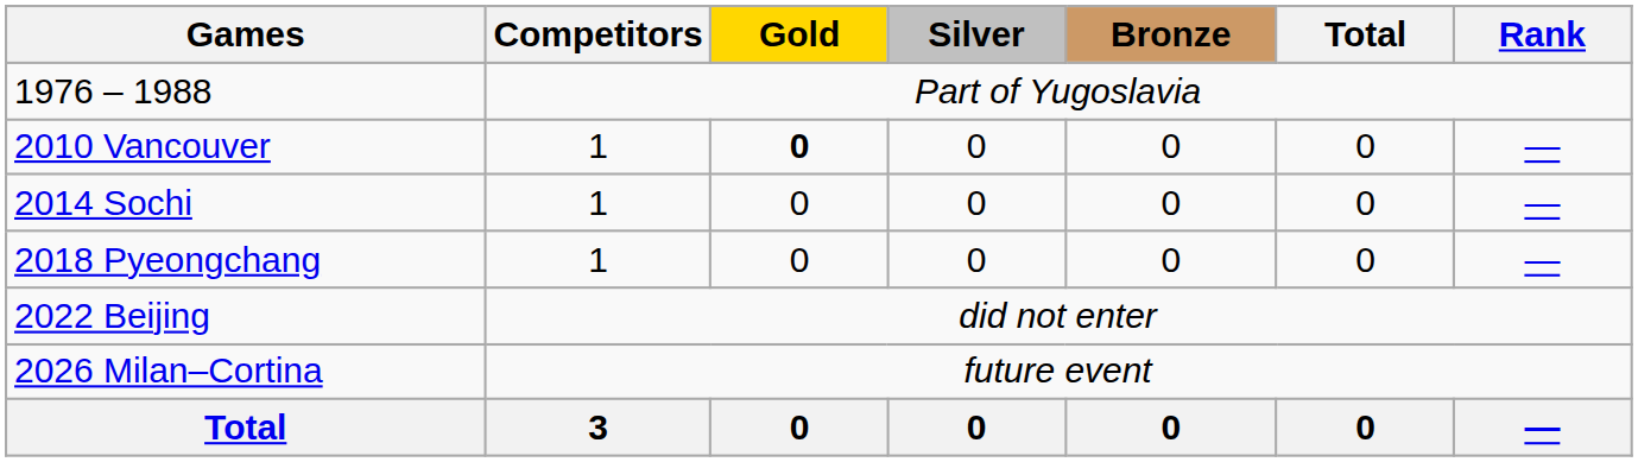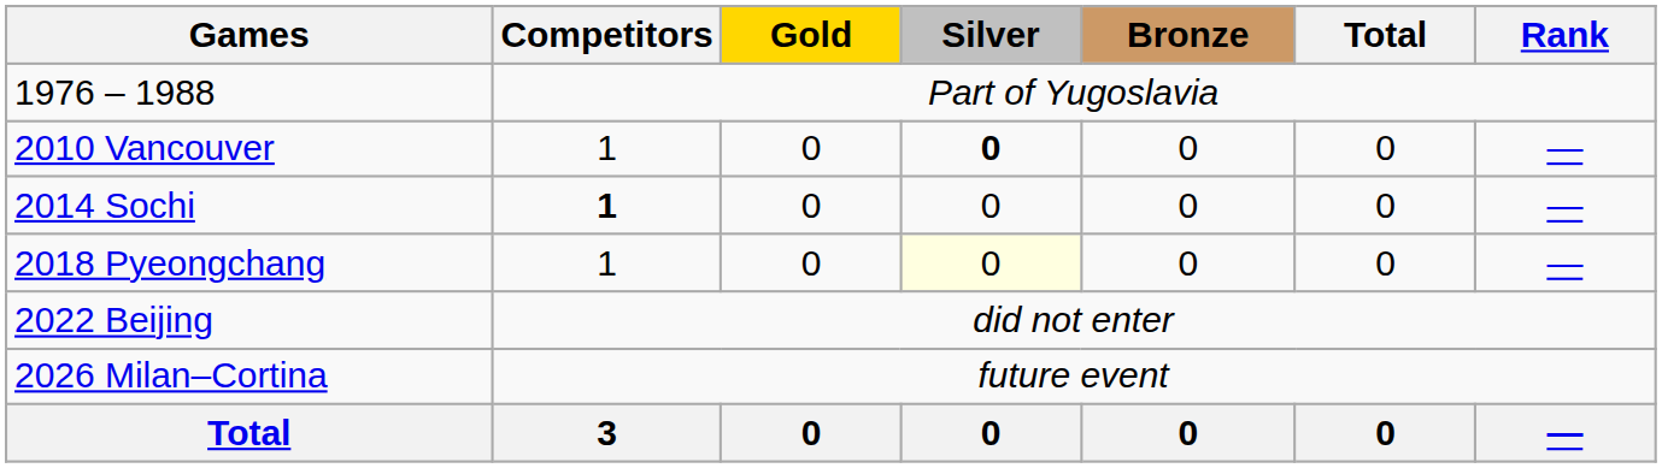 <table class="wikitable sortable" border="1" style="text-align:center; font-size:90%;">
 <tr>
 <th style="width:13em;">Games</th>
 <th>Competitors</th>
 <td style="background:gold; width:4.5em; font-weight:bold;">Gold</td>
 <td style="background:silver; width:4.5em; font-weight:bold;">Silver</td>
 <td style="background:#cc9966; width:5.5em; font-weight:bold;">Bronze</td>
 <th style="width:4.5em;">Total</th>
 <th style="width:4.5em;"><a href='#'>Rank</a></th>
 </tr>
 <tr align=center>
 <td align=left>1976 – 1988</td>
 <td colspan=6><em>Part of Yugoslavia</em></td>
 </tr>
 <tr align=center>
 <td align=left> <a href='#'>2010 Vancouver</a></td>
 <td>1</td>
+<td>0</td>
 <td><strong>0</strong></td>
-<td>0</td>
 <td>0</td>
 <td>0</td>
 <td><a href='#'>—</a></td>
 </tr>
 <tr align=center>
 <td align=left> <a href='#'>2014 Sochi</a></td>
-<td>1</td>
+<td><strong>1</strong></td>
 <td>0</td>
 <td>0</td>
 <td>0</td>
 <td>0</td>
 <td><a href='#'>—</a></td>
 </tr>
 <tr align=center>
 <td align=left> <a href='#'>2018 Pyeongchang</a></td>
 <td>1</td>
 <td>0</td>
-<td>0</td>
+<td style="background: lightyellow;">0</td>
 <td>0</td>
 <td>0</td>
 <td><a href='#'>—</a></td>
 </tr>
 <tr align=center>
 <td align=left> <a href='#'>2022 Beijing</a></td>
 <td colspan=6><em>did not enter</em></td>
 </tr>
 <tr align=center>
 <td align=left> <a href='#'>2026 Milan–Cortina</a></td>
 <td colspan=6><em>future event </em></td>
 </tr>
 <tr class="sortbottom" align=center>
 <th><a href='#'>Total</a></th>
 <th><strong>3</strong></th>
 <th><strong>0</strong></th>
 <th><strong>0</strong></th>
 <th><strong>0</strong></th>
 <th><strong>0</strong></th>
 <th><strong><a href='#'>—</a></strong></th>
 </tr>
 </table>
